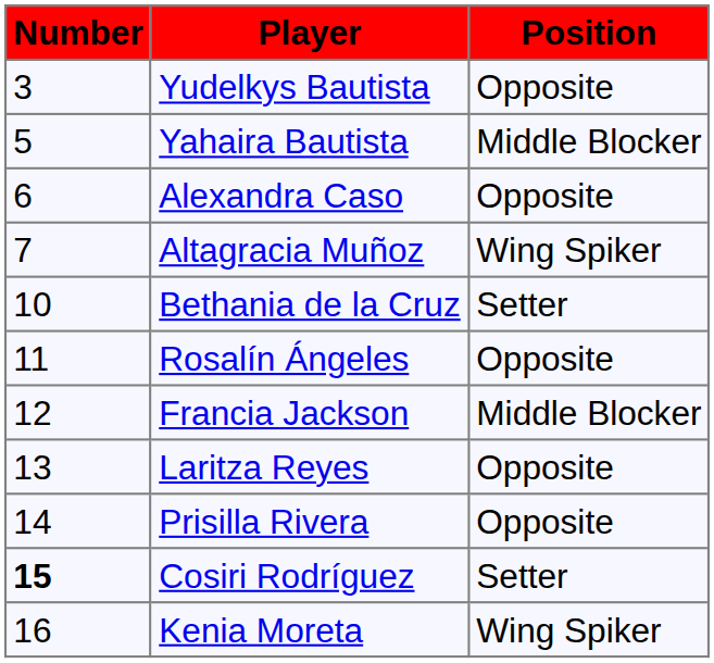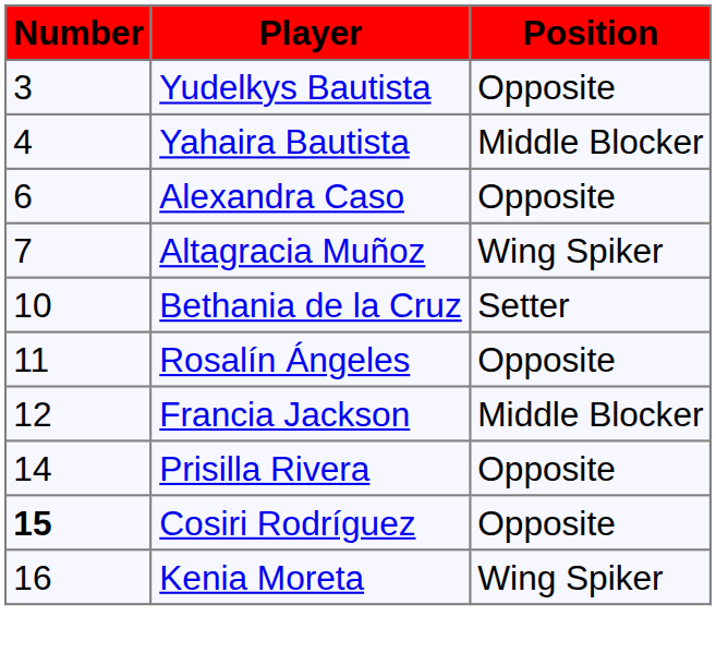 <table bgcolor="#f7f8ff" cellpadding="3" cellspacing="0" border="1" style="font-size: 95%; border: gray solid 1px; border-collapse: collapse">
 <tr bgcolor="#ff0000">
 <td align=center><strong>Number</strong></td>
 <td align=center><strong>Player</strong></td>
 <td align=center><strong>Position</strong></td>
 </tr>
 <tr align="left">
 <td>3</td>
 <td> <a href='#'>Yudelkys Bautista</a></td>
 <td>Opposite</td>
 </tr>
 <tr align="left">
-<td>5</td>
+<td>4</td>
 <td> <a href='#'>Yahaira Bautista</a></td>
 <td>Middle Blocker</td>
 </tr>
 <tr align="left">
 <td>6</td>
 <td> <a href='#'>Alexandra Caso</a></td>
 <td>Opposite</td>
 </tr>
 <tr align="left">
 <td>7</td>
 <td> <a href='#'>Altagracia Muñoz</a></td>
 <td>Wing Spiker</td>
 </tr>
 <tr align="left">
 <td>10</td>
 <td> <a href='#'>Bethania de la Cruz</a></td>
 <td>Setter</td>
 </tr>
 <tr align="left">
 <td>11</td>
 <td> <a href='#'>Rosalín Ángeles</a></td>
 <td>Opposite</td>
 </tr>
 <tr align="left">
 <td>12</td>
 <td> <a href='#'>Francia Jackson</a></td>
 <td>Middle Blocker</td>
 </tr>
 <tr align="left">
-<td>13</td>
-<td> <a href='#'>Laritza Reyes</a></td>
-<td>Opposite</td>
-</tr>
-<tr align="left">
 <td>14</td>
 <td> <a href='#'>Prisilla Rivera</a></td>
 <td>Opposite</td>
 </tr>
 <tr align="left">
 <td><strong>15</strong></td>
 <td> <a href='#'>Cosiri Rodríguez</a></td>
-<td>Setter</td>
+<td>Opposite</td>
 </tr>
 <tr align="left">
 <td>16</td>
 <td> <a href='#'>Kenia Moreta</a></td>
 <td>Wing Spiker</td>
 </tr>
 </table>
